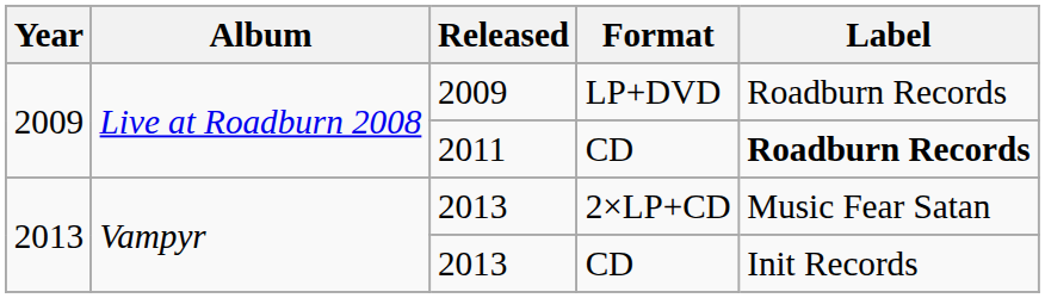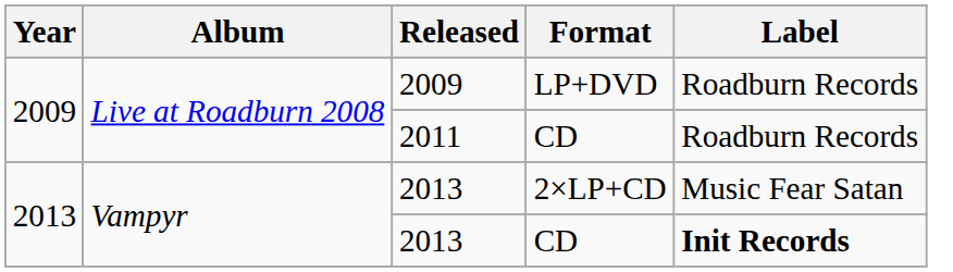 <table class="wikitable" style="font-size: 95%;">
 <tr>
 <th>Year</th>
 <th>Album</th>
 <th>Released</th>
 <th>Format</th>
 <th>Label</th>
 </tr>
 <tr>
 <td rowspan="2">2009</td>
 <td rowspan="2"><em><a href='#'>Live at Roadburn 2008</a></em></td>
 <td>2009</td>
 <td>LP+DVD</td>
 <td>Roadburn Records</td>
 </tr>
 <tr>
 <td>2011</td>
 <td>CD</td>
-<td><strong>Roadburn Records</strong></td>
+<td>Roadburn Records</td>
 </tr>
 <tr>
 <td rowspan="2">2013</td>
 <td rowspan="2"><em>Vampyr</em></td>
 <td>2013</td>
 <td>2×LP+CD</td>
 <td>Music Fear Satan</td>
 </tr>
 <tr>
 <td>2013</td>
 <td>CD</td>
-<td>Init Records</td>
+<td><strong>Init Records</strong></td>
 </tr>
 </table>
